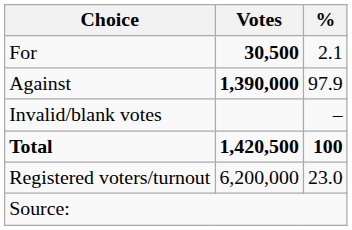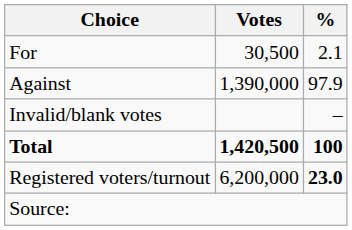 <table class=wikitable style=text-align:right>
 <tr>
 <th>Choice</th>
 <th>Votes</th>
 <th>%</th>
 </tr>
 <tr>
 <td align=left>For</td>
-<td><strong>30,500</strong></td>
+<td>30,500</td>
 <td>2.1</td>
 </tr>
 <tr>
 <td align=left>Against</td>
-<td><strong>1,390,000</strong></td>
+<td>1,390,000</td>
 <td>97.9</td>
 </tr>
 <tr>
 <td align=left>Invalid/blank votes</td>
 <td></td>
 <td>–</td>
 </tr>
 <tr>
 <td align=left><strong>Total</strong></td>
 <td><strong>1,420,500</strong></td>
 <td><strong>100</strong></td>
 </tr>
 <tr>
 <td align=left>Registered voters/turnout</td>
 <td>6,200,000</td>
-<td>23.0</td>
+<td><strong>23.0</strong></td>
 </tr>
 <tr>
 <td align=left colspan=3>Source: </td>
 </tr>
 </table>
